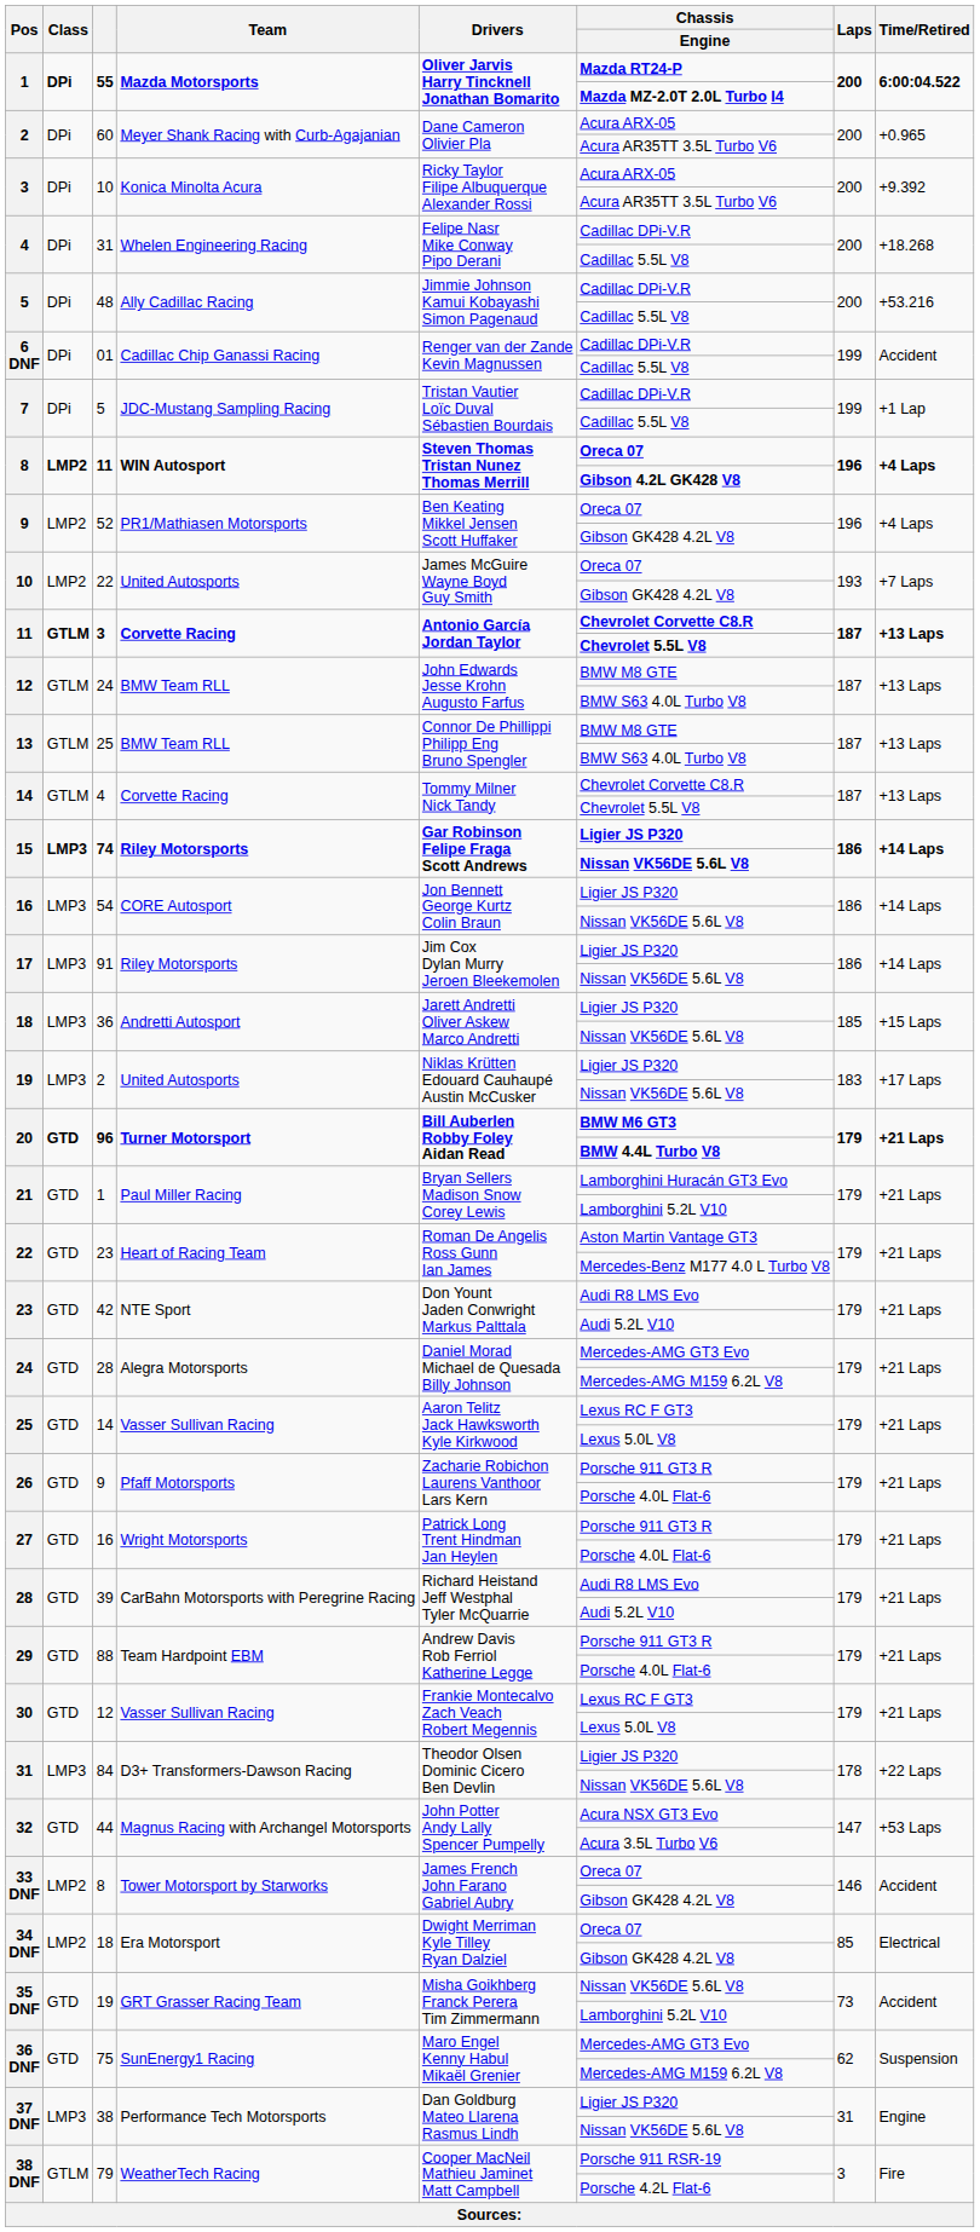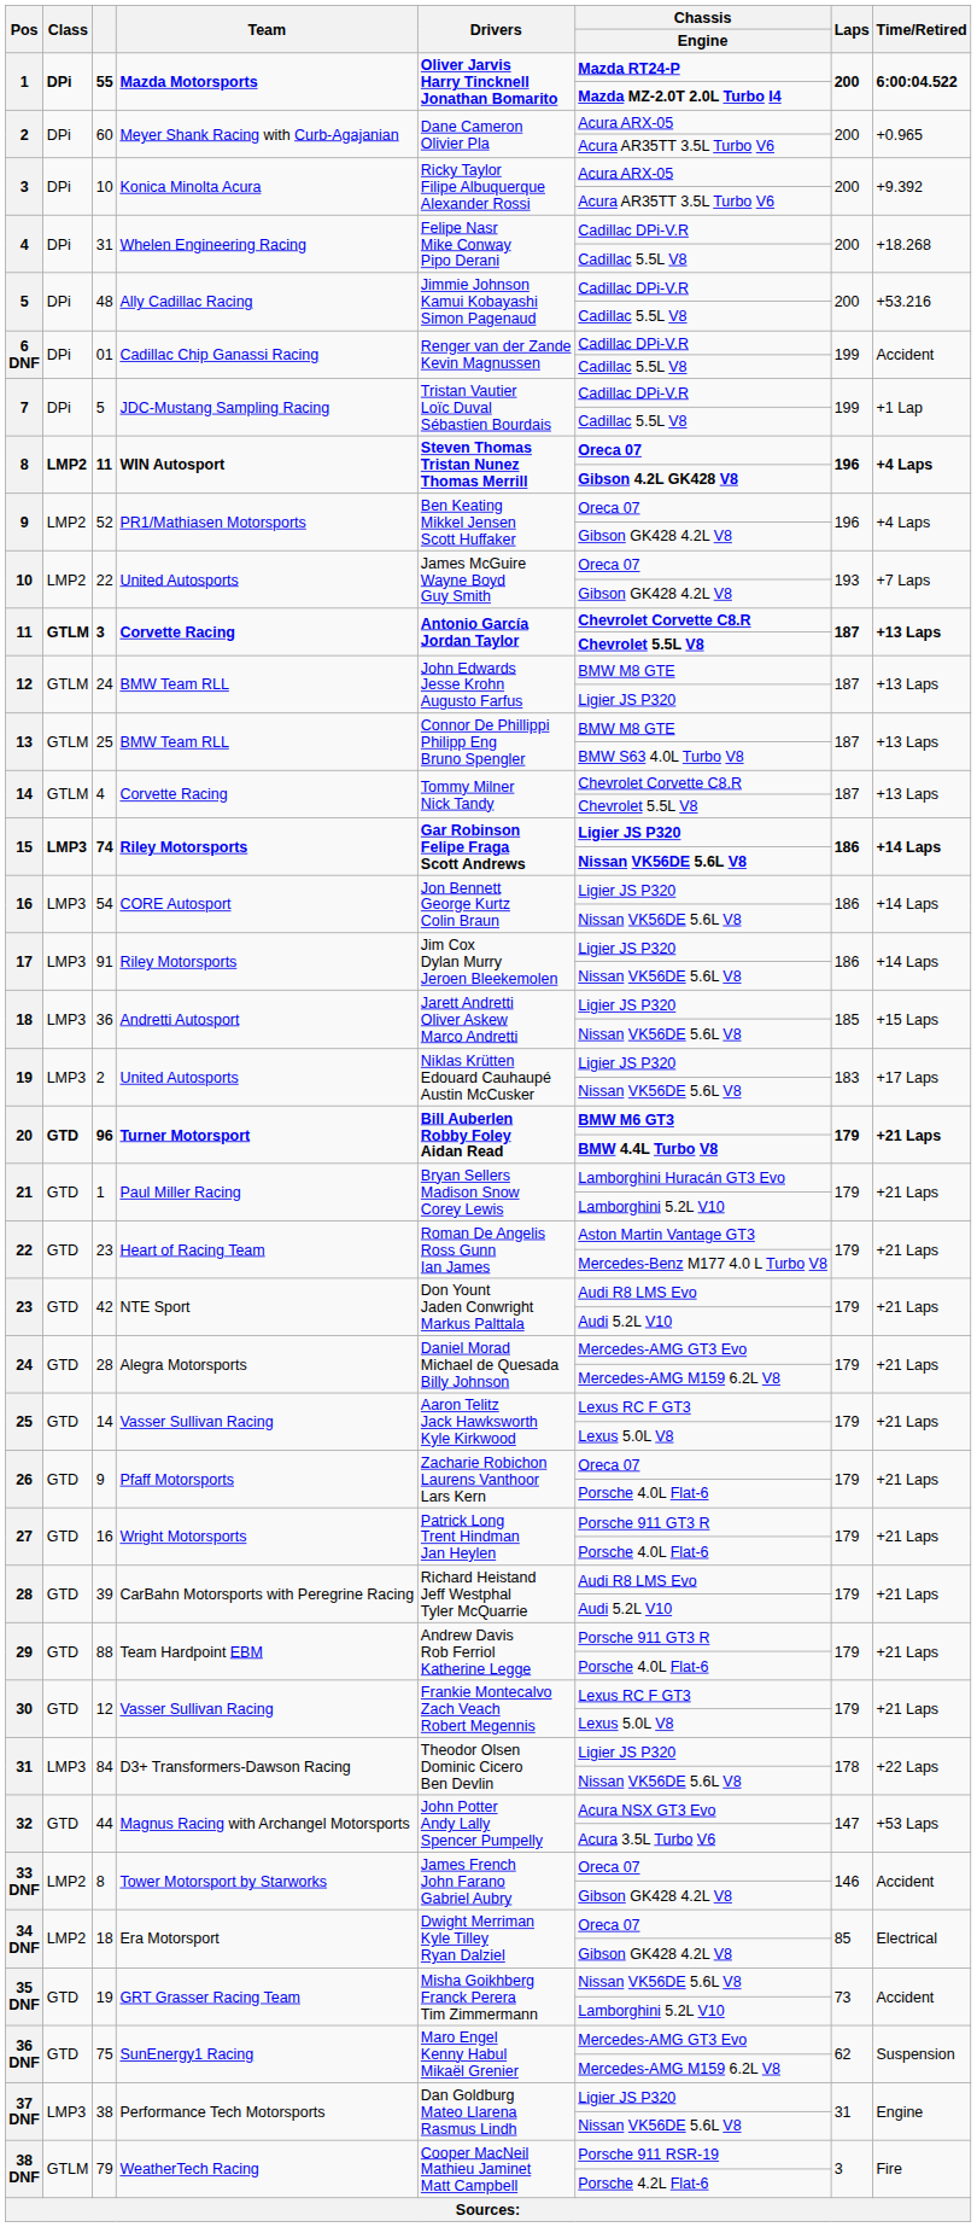 <table class="wikitable" style="font-size: 95%;">
 <tr>
 <th rowspan=2>Pos</th>
 <th rowspan=2>Class</th>
 <th rowspan=2></th>
 <th rowspan=2>Team</th>
 <th rowspan=2>Drivers</th>
 <th>Chassis</th>
 <th rowspan=2>Laps</th>
 <th rowspan=2>Time/Retired</th>
 </tr>
 <tr>
 <th>Engine</th>
 </tr>
 <tr style="font-weight:bold">
 <th rowspan=2>1</th>
 <td rowspan=2>DPi</td>
 <td rowspan=2>55</td>
 <td rowspan=2> <a href='#'>Mazda Motorsports</a></td>
 <td rowspan=2> <a href='#'>Oliver Jarvis</a><br> <a href='#'>Harry Tincknell</a><br> <a href='#'>Jonathan Bomarito</a></td>
 <td><a href='#'>Mazda RT24-P</a></td>
 <td rowspan=2>200</td>
 <td rowspan=2>6:00:04.522</td>
 </tr>
 <tr style="font-weight:bold">
 <td><a href='#'>Mazda</a> MZ-2.0T 2.0L <a href='#'>Turbo</a> <a href='#'>I4</a></td>
 </tr>
 <tr>
 <th rowspan=2>2</th>
 <td rowspan=2>DPi</td>
 <td rowspan=2>60</td>
 <td rowspan=2> <a href='#'>Meyer Shank Racing</a> with <a href='#'>Curb-Agajanian</a></td>
 <td rowspan=2> <a href='#'>Dane Cameron</a><br> <a href='#'>Olivier Pla</a></td>
 <td><a href='#'>Acura ARX-05</a></td>
 <td rowspan=2>200</td>
 <td rowspan=2>+0.965</td>
 </tr>
 <tr>
 <td><a href='#'>Acura</a> AR35TT 3.5L <a href='#'>Turbo</a> <a href='#'>V6</a></td>
 </tr>
 <tr>
 <th rowspan=2>3</th>
 <td rowspan=2>DPi</td>
 <td rowspan=2>10</td>
 <td rowspan=2> <a href='#'>Konica Minolta Acura</a></td>
 <td rowspan=2> <a href='#'>Ricky Taylor</a><br> <a href='#'>Filipe Albuquerque</a><br> <a href='#'>Alexander Rossi</a></td>
 <td><a href='#'>Acura ARX-05</a></td>
 <td rowspan=2>200</td>
 <td rowspan=2>+9.392</td>
 </tr>
 <tr>
 <td><a href='#'>Acura</a> AR35TT 3.5L <a href='#'>Turbo</a> <a href='#'>V6</a></td>
 </tr>
 <tr>
 <th rowspan=2>4</th>
 <td rowspan=2>DPi</td>
 <td rowspan=2>31</td>
 <td rowspan=2> <a href='#'>Whelen Engineering Racing</a></td>
 <td rowspan=2> <a href='#'>Felipe Nasr</a><br> <a href='#'>Mike Conway</a><br> <a href='#'>Pipo Derani</a></td>
 <td><a href='#'>Cadillac DPi-V.R</a></td>
 <td rowspan=2>200</td>
 <td rowspan=2>+18.268</td>
 </tr>
 <tr>
 <td><a href='#'>Cadillac</a> 5.5L <a href='#'>V8</a></td>
 </tr>
 <tr>
 <th rowspan=2>5</th>
 <td rowspan=2>DPi</td>
 <td rowspan=2>48</td>
 <td rowspan=2> <a href='#'>Ally Cadillac Racing</a></td>
 <td rowspan=2> <a href='#'>Jimmie Johnson</a><br> <a href='#'>Kamui Kobayashi</a><br> <a href='#'>Simon Pagenaud</a></td>
 <td><a href='#'>Cadillac DPi-V.R</a></td>
 <td rowspan=2>200</td>
 <td rowspan=2>+53.216</td>
 </tr>
 <tr>
 <td><a href='#'>Cadillac</a> 5.5L <a href='#'>V8</a></td>
 </tr>
 <tr>
 <th rowspan=2>6<br>DNF</th>
 <td rowspan=2>DPi</td>
 <td rowspan=2>01</td>
 <td rowspan=2> <a href='#'>Cadillac Chip Ganassi Racing</a></td>
 <td rowspan=2> <a href='#'>Renger van der Zande</a><br> <a href='#'>Kevin Magnussen</a></td>
 <td><a href='#'>Cadillac DPi-V.R</a></td>
 <td rowspan=2>199</td>
 <td rowspan=2>Accident</td>
 </tr>
 <tr>
 <td><a href='#'>Cadillac</a> 5.5L <a href='#'>V8</a></td>
 </tr>
 <tr>
 <th rowspan=2>7</th>
 <td rowspan=2>DPi</td>
 <td rowspan=2>5</td>
 <td rowspan=2> <a href='#'>JDC-Mustang Sampling Racing</a></td>
 <td rowspan=2> <a href='#'>Tristan Vautier</a><br> <a href='#'>Loïc Duval</a><br> <a href='#'>Sébastien Bourdais</a></td>
 <td><a href='#'>Cadillac DPi-V.R</a></td>
 <td rowspan=2>199</td>
 <td rowspan=2>+1 Lap</td>
 </tr>
 <tr>
 <td><a href='#'>Cadillac</a> 5.5L <a href='#'>V8</a></td>
 </tr>
 <tr style="font-weight:bold">
 <th rowspan=2>8</th>
 <td rowspan=2>LMP2</td>
 <td rowspan=2>11</td>
 <td rowspan=2> WIN Autosport</td>
 <td rowspan=2> <a href='#'>Steven Thomas</a><br> <a href='#'>Tristan Nunez</a><br> <a href='#'>Thomas Merrill</a></td>
 <td><a href='#'>Oreca 07</a></td>
 <td rowspan=2>196</td>
 <td rowspan=2>+4 Laps</td>
 </tr>
 <tr style="font-weight:bold">
 <td><a href='#'>Gibson</a> 4.2L GK428 <a href='#'>V8</a></td>
 </tr>
 <tr>
 <th rowspan=2>9</th>
 <td rowspan=2>LMP2</td>
 <td rowspan=2>52</td>
 <td rowspan=2> <a href='#'>PR1/Mathiasen Motorsports</a></td>
 <td rowspan=2> <a href='#'>Ben Keating</a><br> <a href='#'>Mikkel Jensen</a><br> <a href='#'>Scott Huffaker</a></td>
 <td><a href='#'>Oreca 07</a></td>
 <td rowspan=2>196</td>
 <td rowspan=2>+4 Laps</td>
 </tr>
 <tr>
 <td><a href='#'>Gibson</a> GK428 4.2L <a href='#'>V8</a></td>
 </tr>
 <tr>
 <th rowspan=2>10</th>
 <td rowspan=2>LMP2</td>
 <td rowspan=2>22</td>
 <td rowspan=2> <a href='#'>United Autosports</a></td>
 <td rowspan=2> James McGuire<br> <a href='#'>Wayne Boyd</a><br> <a href='#'>Guy Smith</a></td>
 <td><a href='#'>Oreca 07</a></td>
 <td rowspan=2>193</td>
 <td rowspan=2>+7 Laps</td>
 </tr>
 <tr>
 <td><a href='#'>Gibson</a> GK428 4.2L <a href='#'>V8</a></td>
 </tr>
 <tr style="font-weight:bold">
 <th rowspan=2>11</th>
 <td rowspan=2>GTLM</td>
 <td rowspan=2>3</td>
 <td rowspan=2> <a href='#'>Corvette Racing</a></td>
 <td rowspan=2> <a href='#'>Antonio García</a><br> <a href='#'>Jordan Taylor</a></td>
 <td><a href='#'>Chevrolet Corvette C8.R</a></td>
 <td rowspan=2>187</td>
 <td rowspan=2>+13 Laps</td>
 </tr>
 <tr style="font-weight:bold">
 <td><a href='#'>Chevrolet</a> 5.5L <a href='#'>V8</a></td>
 </tr>
 <tr>
 <th rowspan=2>12</th>
 <td rowspan=2>GTLM</td>
 <td rowspan=2>24</td>
 <td rowspan=2> <a href='#'>BMW Team RLL</a></td>
 <td rowspan=2> <a href='#'>John Edwards</a><br> <a href='#'>Jesse Krohn</a><br> <a href='#'>Augusto Farfus</a></td>
 <td><a href='#'>BMW M8 GTE</a></td>
 <td rowspan=2>187</td>
 <td rowspan=2>+13 Laps</td>
 </tr>
 <tr>
-<td><a href='#'>BMW S63</a> 4.0L <a href='#'>Turbo</a> <a href='#'>V8</a></td>
+<td><a href='#'>Ligier JS P320</a></td>
 </tr>
 <tr>
 <th rowspan=2>13</th>
 <td rowspan=2>GTLM</td>
 <td rowspan=2>25</td>
 <td rowspan=2> <a href='#'>BMW Team RLL</a></td>
 <td rowspan=2> <a href='#'>Connor De Phillippi</a><br> <a href='#'>Philipp Eng</a><br> <a href='#'>Bruno Spengler</a></td>
 <td><a href='#'>BMW M8 GTE</a></td>
 <td rowspan=2>187</td>
 <td rowspan=2>+13 Laps</td>
 </tr>
 <tr>
 <td><a href='#'>BMW S63</a> 4.0L <a href='#'>Turbo</a> <a href='#'>V8</a></td>
 </tr>
 <tr>
 <th rowspan=2>14</th>
 <td rowspan=2>GTLM</td>
 <td rowspan=2>4</td>
 <td rowspan=2> <a href='#'>Corvette Racing</a></td>
 <td rowspan=2> <a href='#'>Tommy Milner</a><br> <a href='#'>Nick Tandy</a></td>
 <td><a href='#'>Chevrolet Corvette C8.R</a></td>
 <td rowspan=2>187</td>
 <td rowspan=2>+13 Laps</td>
 </tr>
 <tr>
 <td><a href='#'>Chevrolet</a> 5.5L <a href='#'>V8</a></td>
 </tr>
 <tr style="font-weight:bold">
 <th rowspan=2>15</th>
 <td rowspan=2>LMP3</td>
 <td rowspan=2>74</td>
 <td rowspan=2> <a href='#'>Riley Motorsports</a></td>
 <td rowspan=2> <a href='#'>Gar Robinson</a><br> <a href='#'>Felipe Fraga</a><br> Scott Andrews</td>
 <td><a href='#'>Ligier JS P320</a></td>
 <td rowspan=2>186</td>
 <td rowspan=2>+14 Laps</td>
 </tr>
 <tr style="font-weight:bold">
 <td><a href='#'>Nissan</a> <a href='#'>VK56DE</a> 5.6L <a href='#'>V8</a></td>
 </tr>
 <tr>
 <th rowspan=2>16</th>
 <td rowspan=2>LMP3</td>
 <td rowspan=2>54</td>
 <td rowspan=2> <a href='#'>CORE Autosport</a></td>
 <td rowspan=2> <a href='#'>Jon Bennett</a><br> <a href='#'>George Kurtz</a><br> <a href='#'>Colin Braun</a></td>
 <td><a href='#'>Ligier JS P320</a></td>
 <td rowspan=2>186</td>
 <td rowspan=2>+14 Laps</td>
 </tr>
 <tr>
 <td><a href='#'>Nissan</a> <a href='#'>VK56DE</a> 5.6L <a href='#'>V8</a></td>
 </tr>
 <tr>
 <th rowspan=2>17</th>
 <td rowspan=2>LMP3</td>
 <td rowspan=2>91</td>
 <td rowspan=2> <a href='#'>Riley Motorsports</a></td>
 <td rowspan=2> Jim Cox<br> Dylan Murry<br> <a href='#'>Jeroen Bleekemolen</a></td>
 <td><a href='#'>Ligier JS P320</a></td>
 <td rowspan=2>186</td>
 <td rowspan=2>+14 Laps</td>
 </tr>
 <tr>
 <td><a href='#'>Nissan</a> <a href='#'>VK56DE</a> 5.6L <a href='#'>V8</a></td>
 </tr>
 <tr>
 <th rowspan=2>18</th>
 <td rowspan=2>LMP3</td>
 <td rowspan=2>36</td>
 <td rowspan=2> <a href='#'>Andretti Autosport</a></td>
 <td rowspan=2> <a href='#'>Jarett Andretti</a><br> <a href='#'>Oliver Askew</a><br> <a href='#'>Marco Andretti</a></td>
 <td><a href='#'>Ligier JS P320</a></td>
 <td rowspan=2>185</td>
 <td rowspan=2>+15 Laps</td>
 </tr>
 <tr>
 <td><a href='#'>Nissan</a> <a href='#'>VK56DE</a> 5.6L <a href='#'>V8</a></td>
 </tr>
 <tr>
 <th rowspan=2>19</th>
 <td rowspan=2>LMP3</td>
 <td rowspan=2>2</td>
 <td rowspan=2> <a href='#'>United Autosports</a></td>
 <td rowspan=2> <a href='#'>Niklas Krütten</a><br> Edouard Cauhaupé<br> Austin McCusker</td>
 <td><a href='#'>Ligier JS P320</a></td>
 <td rowspan=2>183</td>
 <td rowspan=2>+17 Laps</td>
 </tr>
 <tr>
 <td><a href='#'>Nissan</a> <a href='#'>VK56DE</a> 5.6L <a href='#'>V8</a></td>
 </tr>
 <tr style="font-weight:bold">
 <th rowspan=2>20</th>
 <td rowspan=2>GTD</td>
 <td rowspan=2>96</td>
 <td rowspan=2> <a href='#'>Turner Motorsport</a></td>
 <td rowspan=2> <a href='#'>Bill Auberlen</a><br> <a href='#'>Robby Foley</a><br> Aidan Read</td>
 <td><a href='#'>BMW M6 GT3</a></td>
 <td rowspan=2>179</td>
 <td rowspan=2>+21 Laps</td>
 </tr>
 <tr style="font-weight:bold">
 <td><a href='#'>BMW</a> 4.4L <a href='#'>Turbo</a> <a href='#'>V8</a></td>
 </tr>
 <tr>
 <th rowspan=2>21</th>
 <td rowspan=2>GTD</td>
 <td rowspan=2>1</td>
 <td rowspan=2> <a href='#'>Paul Miller Racing</a></td>
 <td rowspan=2> <a href='#'>Bryan Sellers</a><br> <a href='#'>Madison Snow</a><br> <a href='#'>Corey Lewis</a></td>
 <td><a href='#'>Lamborghini Huracán GT3 Evo</a></td>
 <td rowspan=2>179</td>
 <td rowspan=2>+21 Laps</td>
 </tr>
 <tr>
 <td><a href='#'>Lamborghini</a> 5.2L <a href='#'>V10</a></td>
 </tr>
 <tr>
 <th rowspan=2>22</th>
 <td rowspan=2>GTD</td>
 <td rowspan=2>23</td>
 <td rowspan=2> <a href='#'>Heart of Racing Team</a></td>
 <td rowspan=2> <a href='#'>Roman De Angelis</a><br> <a href='#'>Ross Gunn</a><br> <a href='#'>Ian James</a></td>
 <td><a href='#'>Aston Martin Vantage GT3</a></td>
 <td rowspan=2>179</td>
 <td rowspan=2>+21 Laps</td>
 </tr>
 <tr>
 <td><a href='#'>Mercedes-Benz</a> M177 4.0 L <a href='#'>Turbo</a> <a href='#'>V8</a></td>
 </tr>
 <tr>
 <th rowspan=2>23</th>
 <td rowspan=2>GTD</td>
 <td rowspan=2>42</td>
 <td rowspan=2> NTE Sport</td>
 <td rowspan=2> Don Yount<br> Jaden Conwright<br> <a href='#'>Markus Palttala</a></td>
 <td><a href='#'>Audi R8 LMS Evo</a></td>
 <td rowspan=2>179</td>
 <td rowspan=2>+21 Laps</td>
 </tr>
 <tr>
 <td><a href='#'>Audi</a> 5.2L <a href='#'>V10</a></td>
 </tr>
 <tr>
 <th rowspan=2>24</th>
 <td rowspan=2>GTD</td>
 <td rowspan=2>28</td>
 <td rowspan=2> Alegra Motorsports</td>
 <td rowspan=2> <a href='#'>Daniel Morad</a><br> Michael de Quesada<br> <a href='#'>Billy Johnson</a></td>
 <td><a href='#'>Mercedes-AMG GT3 Evo</a></td>
 <td rowspan=2>179</td>
 <td rowspan=2>+21 Laps</td>
 </tr>
 <tr>
 <td><a href='#'>Mercedes-AMG M159</a> 6.2L <a href='#'>V8</a></td>
 </tr>
 <tr>
 <th rowspan=2>25</th>
 <td rowspan=2>GTD</td>
 <td rowspan=2>14</td>
 <td rowspan=2> <a href='#'>Vasser Sullivan Racing</a></td>
 <td rowspan=2> <a href='#'>Aaron Telitz</a><br> <a href='#'>Jack Hawksworth</a><br> <a href='#'>Kyle Kirkwood</a></td>
 <td><a href='#'>Lexus RC F GT3</a></td>
 <td rowspan=2>179</td>
 <td rowspan=2>+21 Laps</td>
 </tr>
 <tr>
 <td><a href='#'>Lexus</a> 5.0L <a href='#'>V8</a></td>
 </tr>
 <tr>
 <th rowspan=2>26</th>
 <td rowspan=2>GTD</td>
 <td rowspan=2>9</td>
 <td rowspan=2> <a href='#'>Pfaff Motorsports</a></td>
 <td rowspan=2> <a href='#'>Zacharie Robichon</a><br> <a href='#'>Laurens Vanthoor</a><br> Lars Kern</td>
-<td><a href='#'>Porsche 911 GT3 R</a></td>
+<td><a href='#'>Oreca 07</a></td>
 <td rowspan=2>179</td>
 <td rowspan=2>+21 Laps</td>
 </tr>
 <tr>
 <td><a href='#'>Porsche</a> 4.0L <a href='#'>Flat-6</a></td>
 </tr>
 <tr>
 <th rowspan=2>27</th>
 <td rowspan=2>GTD</td>
 <td rowspan=2>16</td>
 <td rowspan=2> <a href='#'>Wright Motorsports</a></td>
 <td rowspan=2> <a href='#'>Patrick Long</a><br> <a href='#'>Trent Hindman</a><br> <a href='#'>Jan Heylen</a></td>
 <td><a href='#'>Porsche 911 GT3 R</a></td>
 <td rowspan=2>179</td>
 <td rowspan=2>+21 Laps</td>
 </tr>
 <tr>
 <td><a href='#'>Porsche</a> 4.0L <a href='#'>Flat-6</a></td>
 </tr>
 <tr>
 <th rowspan=2>28</th>
 <td rowspan=2>GTD</td>
 <td rowspan=2>39</td>
 <td rowspan=2> CarBahn Motorsports with Peregrine Racing</td>
 <td rowspan=2> Richard Heistand<br> Jeff Westphal<br> Tyler McQuarrie</td>
 <td><a href='#'>Audi R8 LMS Evo</a></td>
 <td rowspan=2>179</td>
 <td rowspan=2>+21 Laps</td>
 </tr>
 <tr>
 <td><a href='#'>Audi</a> 5.2L <a href='#'>V10</a></td>
 </tr>
 <tr>
 <th rowspan=2>29</th>
 <td rowspan=2>GTD</td>
 <td rowspan=2>88</td>
 <td rowspan=2> Team Hardpoint <a href='#'>EBM</a></td>
 <td rowspan=2> Andrew Davis<br> Rob Ferriol<br> <a href='#'>Katherine Legge</a></td>
 <td><a href='#'>Porsche 911 GT3 R</a></td>
 <td rowspan=2>179</td>
 <td rowspan=2>+21 Laps</td>
 </tr>
 <tr>
 <td><a href='#'>Porsche</a> 4.0L <a href='#'>Flat-6</a></td>
 </tr>
 <tr>
 <th rowspan=2>30</th>
 <td rowspan=2>GTD</td>
 <td rowspan=2>12</td>
 <td rowspan=2> <a href='#'>Vasser Sullivan Racing</a></td>
 <td rowspan=2> <a href='#'>Frankie Montecalvo</a><br> <a href='#'>Zach Veach</a><br> <a href='#'>Robert Megennis</a></td>
 <td><a href='#'>Lexus RC F GT3</a></td>
 <td rowspan=2>179</td>
 <td rowspan=2>+21 Laps</td>
 </tr>
 <tr>
 <td><a href='#'>Lexus</a> 5.0L <a href='#'>V8</a></td>
 </tr>
 <tr>
 <th rowspan=2>31</th>
 <td rowspan=2>LMP3</td>
 <td rowspan=2>84</td>
 <td rowspan=2> D3+ Transformers-Dawson Racing</td>
 <td rowspan=2> Theodor Olsen<br> Dominic Cicero<br> Ben Devlin</td>
 <td><a href='#'>Ligier JS P320</a></td>
 <td rowspan=2>178</td>
 <td rowspan=2>+22 Laps</td>
 </tr>
 <tr>
 <td><a href='#'>Nissan</a> <a href='#'>VK56DE</a> 5.6L <a href='#'>V8</a></td>
 </tr>
 <tr>
 <th rowspan=2>32</th>
 <td rowspan=2>GTD</td>
 <td rowspan=2>44</td>
 <td rowspan=2> <a href='#'>Magnus Racing</a> with Archangel Motorsports</td>
 <td rowspan=2> <a href='#'>John Potter</a><br> <a href='#'>Andy Lally</a><br> <a href='#'>Spencer Pumpelly</a></td>
 <td><a href='#'>Acura NSX GT3 Evo</a></td>
 <td rowspan=2>147</td>
 <td rowspan=2>+53 Laps</td>
 </tr>
 <tr>
 <td><a href='#'>Acura</a> 3.5L <a href='#'>Turbo</a> <a href='#'>V6</a></td>
 </tr>
 <tr>
 <th rowspan=2>33<br>DNF</th>
 <td rowspan=2>LMP2</td>
 <td rowspan=2>8</td>
 <td rowspan=2> <a href='#'>Tower Motorsport by Starworks</a></td>
 <td rowspan=2> <a href='#'>James French</a><br> <a href='#'>John Farano</a><br> <a href='#'>Gabriel Aubry</a></td>
 <td><a href='#'>Oreca 07</a></td>
 <td rowspan=2>146</td>
 <td rowspan=2>Accident</td>
 </tr>
 <tr>
 <td><a href='#'>Gibson</a> GK428 4.2L <a href='#'>V8</a></td>
 </tr>
 <tr>
 <th rowspan=2>34<br>DNF</th>
 <td rowspan=2>LMP2</td>
 <td rowspan=2>18</td>
 <td rowspan=2> Era Motorsport</td>
 <td rowspan=2> <a href='#'>Dwight Merriman</a><br> <a href='#'>Kyle Tilley</a><br> <a href='#'>Ryan Dalziel</a></td>
 <td><a href='#'>Oreca 07</a></td>
 <td rowspan=2>85</td>
 <td rowspan=2>Electrical</td>
 </tr>
 <tr>
 <td><a href='#'>Gibson</a> GK428 4.2L <a href='#'>V8</a></td>
 </tr>
 <tr>
 <th rowspan=2>35<br>DNF</th>
 <td rowspan=2>GTD</td>
 <td rowspan=2>19</td>
 <td rowspan=2> <a href='#'>GRT Grasser Racing Team</a></td>
 <td rowspan=2> <a href='#'>Misha Goikhberg</a><br> <a href='#'>Franck Perera</a><br> Tim Zimmermann</td>
 <td><a href='#'>Nissan</a> <a href='#'>VK56DE</a> 5.6L <a href='#'>V8</a></td>
 <td rowspan=2>73</td>
 <td rowspan=2>Accident</td>
 </tr>
 <tr>
 <td><a href='#'>Lamborghini</a> 5.2L <a href='#'>V10</a></td>
 </tr>
 <tr>
 <th rowspan=2>36<br>DNF</th>
 <td rowspan=2>GTD</td>
 <td rowspan=2>75</td>
 <td rowspan=2> <a href='#'>SunEnergy1 Racing</a></td>
 <td rowspan=2> <a href='#'>Maro Engel</a><br> <a href='#'>Kenny Habul</a><br> <a href='#'>Mikaël Grenier</a></td>
 <td><a href='#'>Mercedes-AMG GT3 Evo</a></td>
 <td rowspan=2>62</td>
 <td rowspan=2>Suspension</td>
 </tr>
 <tr>
 <td><a href='#'>Mercedes-AMG M159</a> 6.2L <a href='#'>V8</a></td>
 </tr>
 <tr>
 <th rowspan=2>37<br>DNF</th>
 <td rowspan=2>LMP3</td>
 <td rowspan=2>38</td>
 <td rowspan=2> Performance Tech Motorsports</td>
 <td rowspan=2> Dan Goldburg<br> <a href='#'>Mateo Llarena</a><br> <a href='#'>Rasmus Lindh</a></td>
 <td><a href='#'>Ligier JS P320</a></td>
 <td rowspan=2>31</td>
 <td rowspan=2>Engine</td>
 </tr>
 <tr>
 <td><a href='#'>Nissan</a> <a href='#'>VK56DE</a> 5.6L <a href='#'>V8</a></td>
 </tr>
 <tr>
 <th rowspan=2>38<br>DNF</th>
 <td rowspan=2>GTLM</td>
 <td rowspan=2>79</td>
 <td rowspan=2> <a href='#'>WeatherTech Racing</a></td>
 <td rowspan=2> <a href='#'>Cooper MacNeil</a><br> <a href='#'>Mathieu Jaminet</a><br> <a href='#'>Matt Campbell</a></td>
 <td><a href='#'>Porsche 911 RSR-19</a></td>
 <td rowspan=2>3</td>
 <td rowspan=2>Fire</td>
 </tr>
 <tr>
 <td><a href='#'>Porsche</a> 4.2L <a href='#'>Flat-6</a></td>
 </tr>
 <tr>
 <th colspan=8 align=center>Sources:</th>
 </tr>
 </table>
